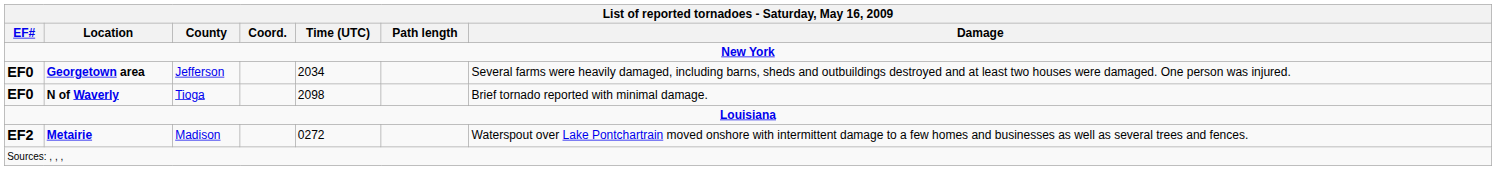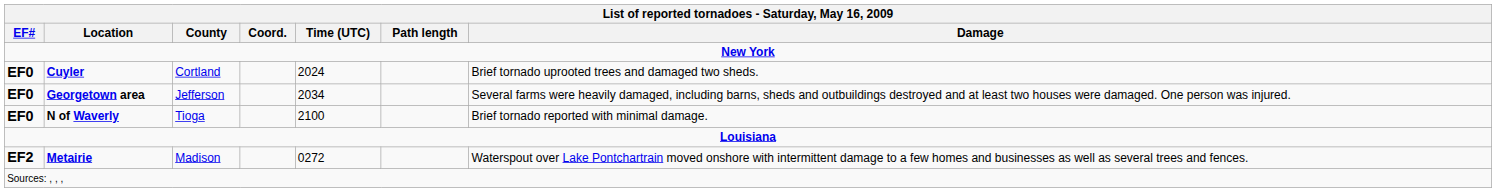 <table class="wikitable collapsible" width="100%">
 <tr>
 <th colspan="7">List of reported tornadoes - Saturday, May 16, 2009</th>
 </tr>
 <tr>
 <th><a href='#'>EF#</a></th>
 <th>Location</th>
 <th>County</th>
 <th>Coord.</th>
 <th>Time (UTC)</th>
 <th>Path length</th>
 <th>Damage</th>
 </tr>
 <tr>
 <td colspan="7" align=center><strong><a href='#'>New York</a></strong></td>
 </tr>
 <tr>
 <td><big><strong>EF0</strong></big></td>
+<td><strong><a href='#'>Cuyler</a></strong></td>
+<td><a href='#'>Cortland</a></td>
+<td></td>
+<td>2024</td>
+<td></td>
+<td>Brief tornado uprooted trees and damaged two sheds.</td>
+</tr>
+<tr>
+<td><big><strong>EF0</strong></big></td>
 <td><strong><a href='#'>Georgetown</a> area</strong></td>
 <td><a href='#'>Jefferson</a></td>
 <td></td>
 <td>2034</td>
 <td></td>
 <td>Several farms were heavily damaged, including barns, sheds and outbuildings destroyed and at least two houses were damaged. One person was injured.</td>
 </tr>
 <tr>
 <td><big><strong>EF0</strong></big></td>
 <td><strong>N of <a href='#'>Waverly</a></strong></td>
 <td><a href='#'>Tioga</a></td>
 <td></td>
-<td>2098</td>
+<td>2100</td>
 <td></td>
 <td>Brief tornado reported with minimal damage.</td>
 </tr>
 <tr>
 <td colspan="7" align=center><strong><a href='#'>Louisiana</a></strong></td>
 </tr>
 <tr>
 <td><big><strong>EF2</strong></big></td>
 <td><strong><a href='#'>Metairie</a></strong></td>
 <td><a href='#'>Madison</a></td>
 <td></td>
 <td>0272</td>
 <td></td>
 <td>Waterspout over <a href='#'>Lake Pontchartrain</a> moved onshore with intermittent damage to a few homes and businesses as well as several trees and fences.</td>
 </tr>
 <tr>
 <td colspan="7"><small>Sources: , , , </small></td>
 </tr>
 </table>
